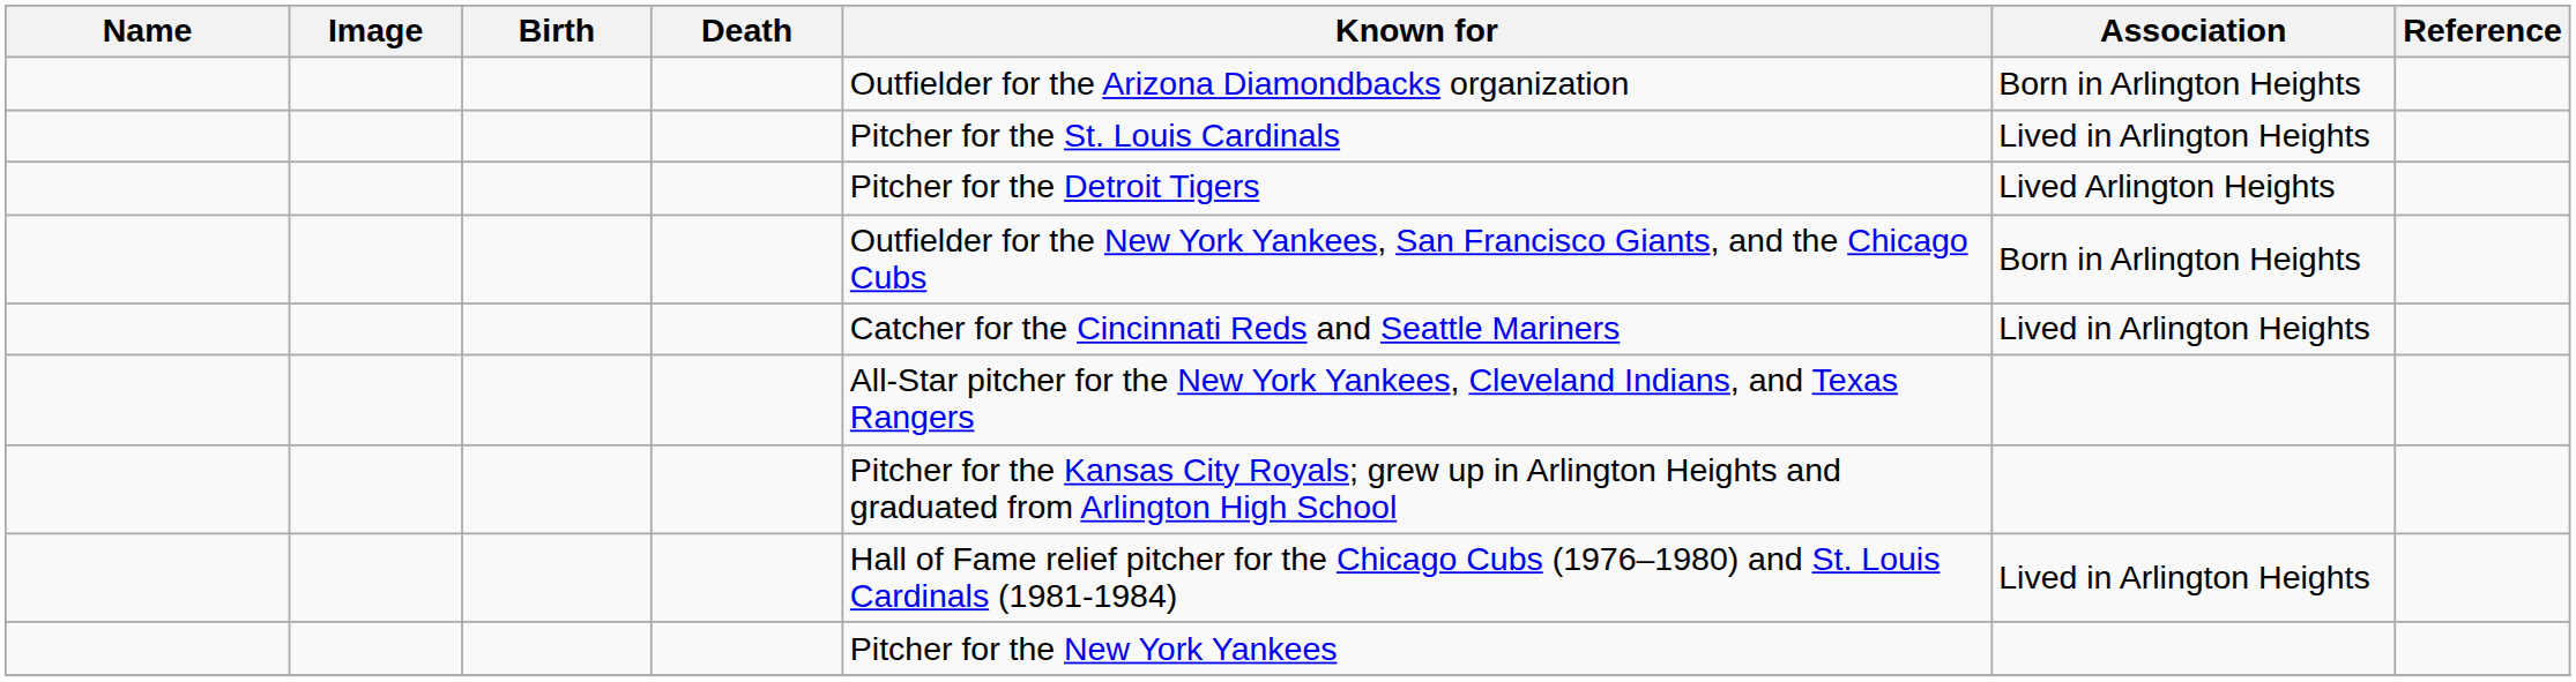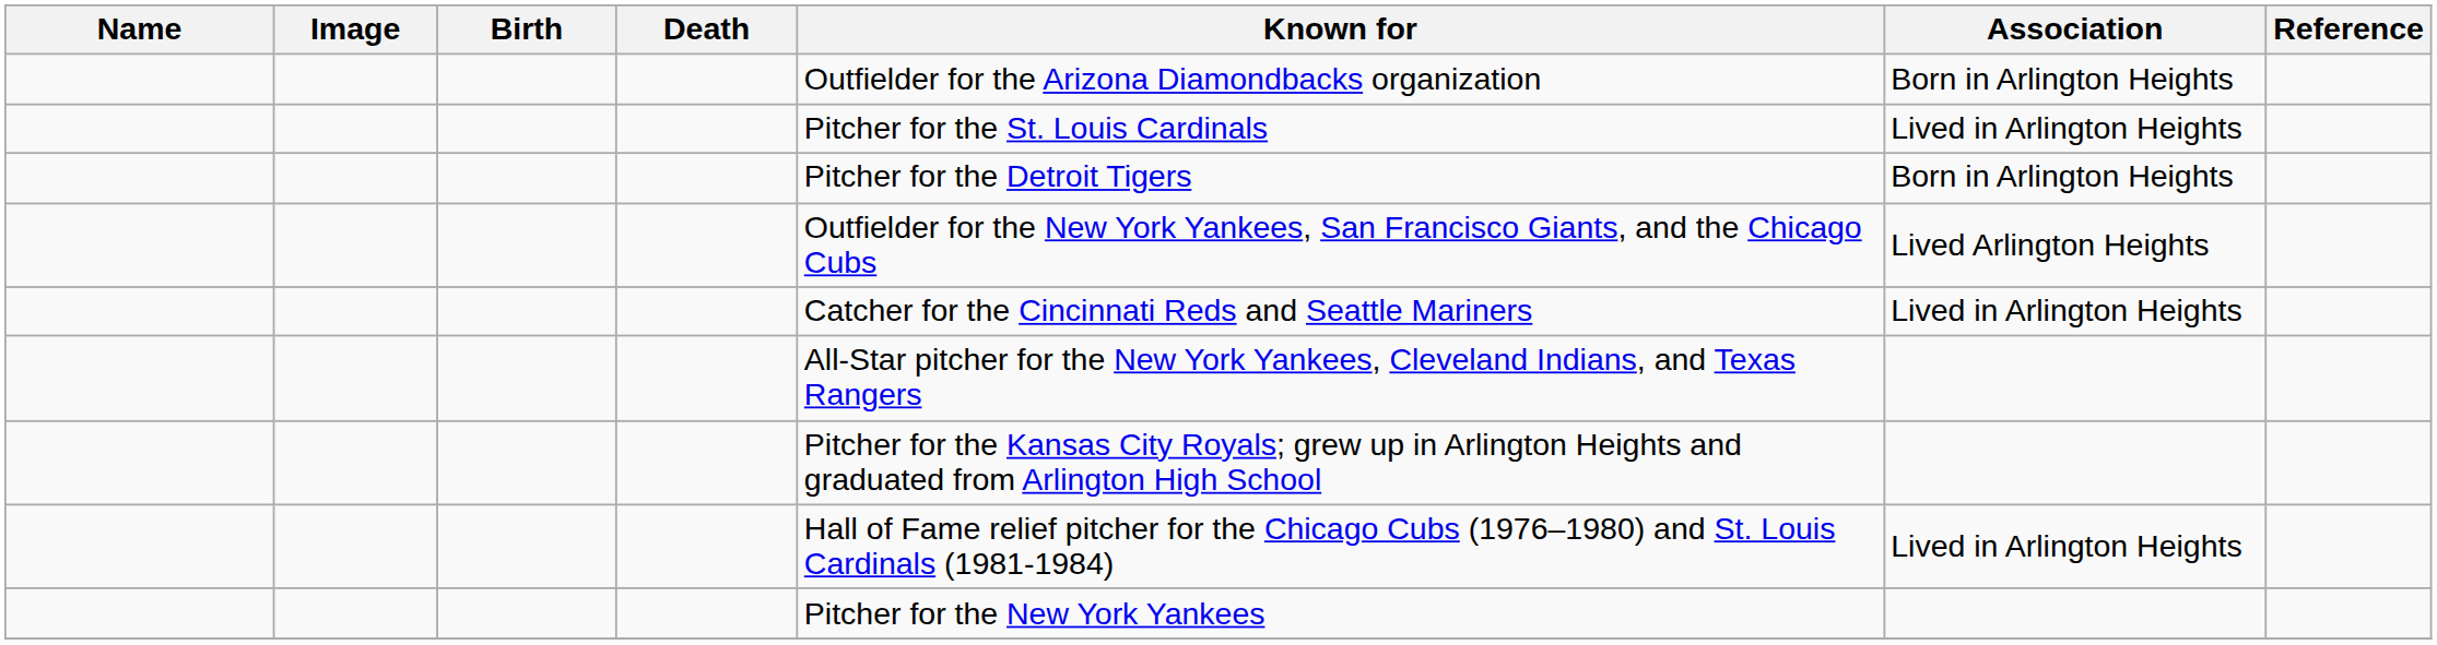 <table class="wikitable sortable">
 <tr>
 <th scope="col" width="140">Name</th>
 <th scope="col" width="80" class="unsortable">Image</th>
 <th scope="col" width="90">Birth</th>
 <th scope="col" width="90">Death</th>
 <th scope="col" width="600" class="unsortable">Known for</th>
 <th scope="col" width="200" class="unsortable">Association</th>
 <th scope="col" width="30" class="unsortable">Reference</th>
 </tr>
 <tr>
 <td></td>
 <td></td>
 <td align=right></td>
 <td align=right></td>
 <td>Outfielder for the <a href='#'>Arizona Diamondbacks</a> organization</td>
 <td>Born in Arlington Heights</td>
 <td align="center"></td>
 </tr>
 <tr>
 <td></td>
 <td></td>
 <td align=right></td>
 <td></td>
 <td>Pitcher for the <a href='#'>St. Louis Cardinals</a></td>
 <td>Lived in Arlington Heights</td>
 <td align="center"></td>
 </tr>
 <tr>
 <td></td>
 <td></td>
 <td align=right></td>
 <td></td>
 <td>Pitcher for the <a href='#'>Detroit Tigers</a></td>
-<td>Lived Arlington Heights</td>
+<td>Born in Arlington Heights</td>
 <td align="center"></td>
 </tr>
 <tr>
 <td></td>
 <td></td>
 <td align=right></td>
 <td align=right></td>
 <td>Outfielder for the <a href='#'>New York Yankees</a>, <a href='#'>San Francisco Giants</a>, and the <a href='#'>Chicago Cubs</a></td>
-<td>Born in Arlington Heights</td>
+<td>Lived Arlington Heights</td>
 <td align="center"></td>
 </tr>
 <tr>
 <td></td>
 <td></td>
 <td align=right></td>
 <td></td>
 <td>Catcher for the <a href='#'>Cincinnati Reds</a> and <a href='#'>Seattle Mariners</a></td>
 <td>Lived in Arlington Heights</td>
 <td align="center"></td>
 </tr>
 <tr>
 <td></td>
 <td></td>
 <td align=right></td>
 <td></td>
 <td>All-Star pitcher for the <a href='#'>New York Yankees</a>, <a href='#'>Cleveland Indians</a>, and <a href='#'>Texas Rangers</a></td>
 <td></td>
 <td align="center"></td>
 </tr>
 <tr>
 <td></td>
 <td></td>
 <td align=right></td>
 <td align=right></td>
 <td>Pitcher for the <a href='#'>Kansas City Royals</a>; grew up in Arlington Heights and graduated from <a href='#'>Arlington High School</a></td>
 <td></td>
 <td align="center"></td>
 </tr>
 <tr>
 <td></td>
 <td></td>
 <td align=right></td>
 <td align=right></td>
 <td>Hall of Fame relief pitcher for the <a href='#'>Chicago Cubs</a> (1976–1980) and <a href='#'>St. Louis Cardinals</a> (1981-1984)</td>
 <td>Lived in Arlington Heights</td>
 <td align="center"></td>
 </tr>
 <tr>
 <td></td>
 <td></td>
 <td align=right></td>
 <td></td>
 <td>Pitcher for the <a href='#'>New York Yankees</a></td>
 <td></td>
 <td align="center"></td>
 </tr>
 <tr>
 </tr>
 </table>
